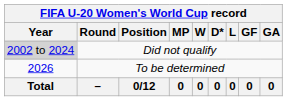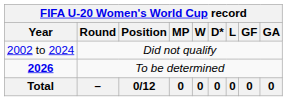 <table class="wikitable" style="text-align: center;">
 <tr>
 <th colspan=10><a href='#'>FIFA U-20 Women's World Cup</a> record</th>
 </tr>
 <tr>
 <th>Year</th>
 <th>Round</th>
 <th>Position</th>
 <th>MP</th>
 <th>W</th>
 <th>D*</th>
 <th>L</th>
 <th>GF</th>
 <th>GA</th>
 </tr>
 <tr>
-<td style="background: lightgrey;"> <a href='#'>2002</a> to  <a href='#'>2024</a></td>
+<td> <a href='#'>2002</a> to  <a href='#'>2024</a></td>
 <td colspan="9"><em>Did not qualify</em></td>
 </tr>
 <tr>
-<td> <a href='#'>2026</a></td>
+<td><strong> <a href='#'>2026</a></strong></td>
 <td colspan=9><em>To be determined</em></td>
 </tr>
 <tr>
 <th>Total</th>
 <th>–</th>
 <th>0/12</th>
 <th>0</th>
 <th>0</th>
 <th>0</th>
 <th>0</th>
 <th>0</th>
 <th>0</th>
 </tr>
 </table>
